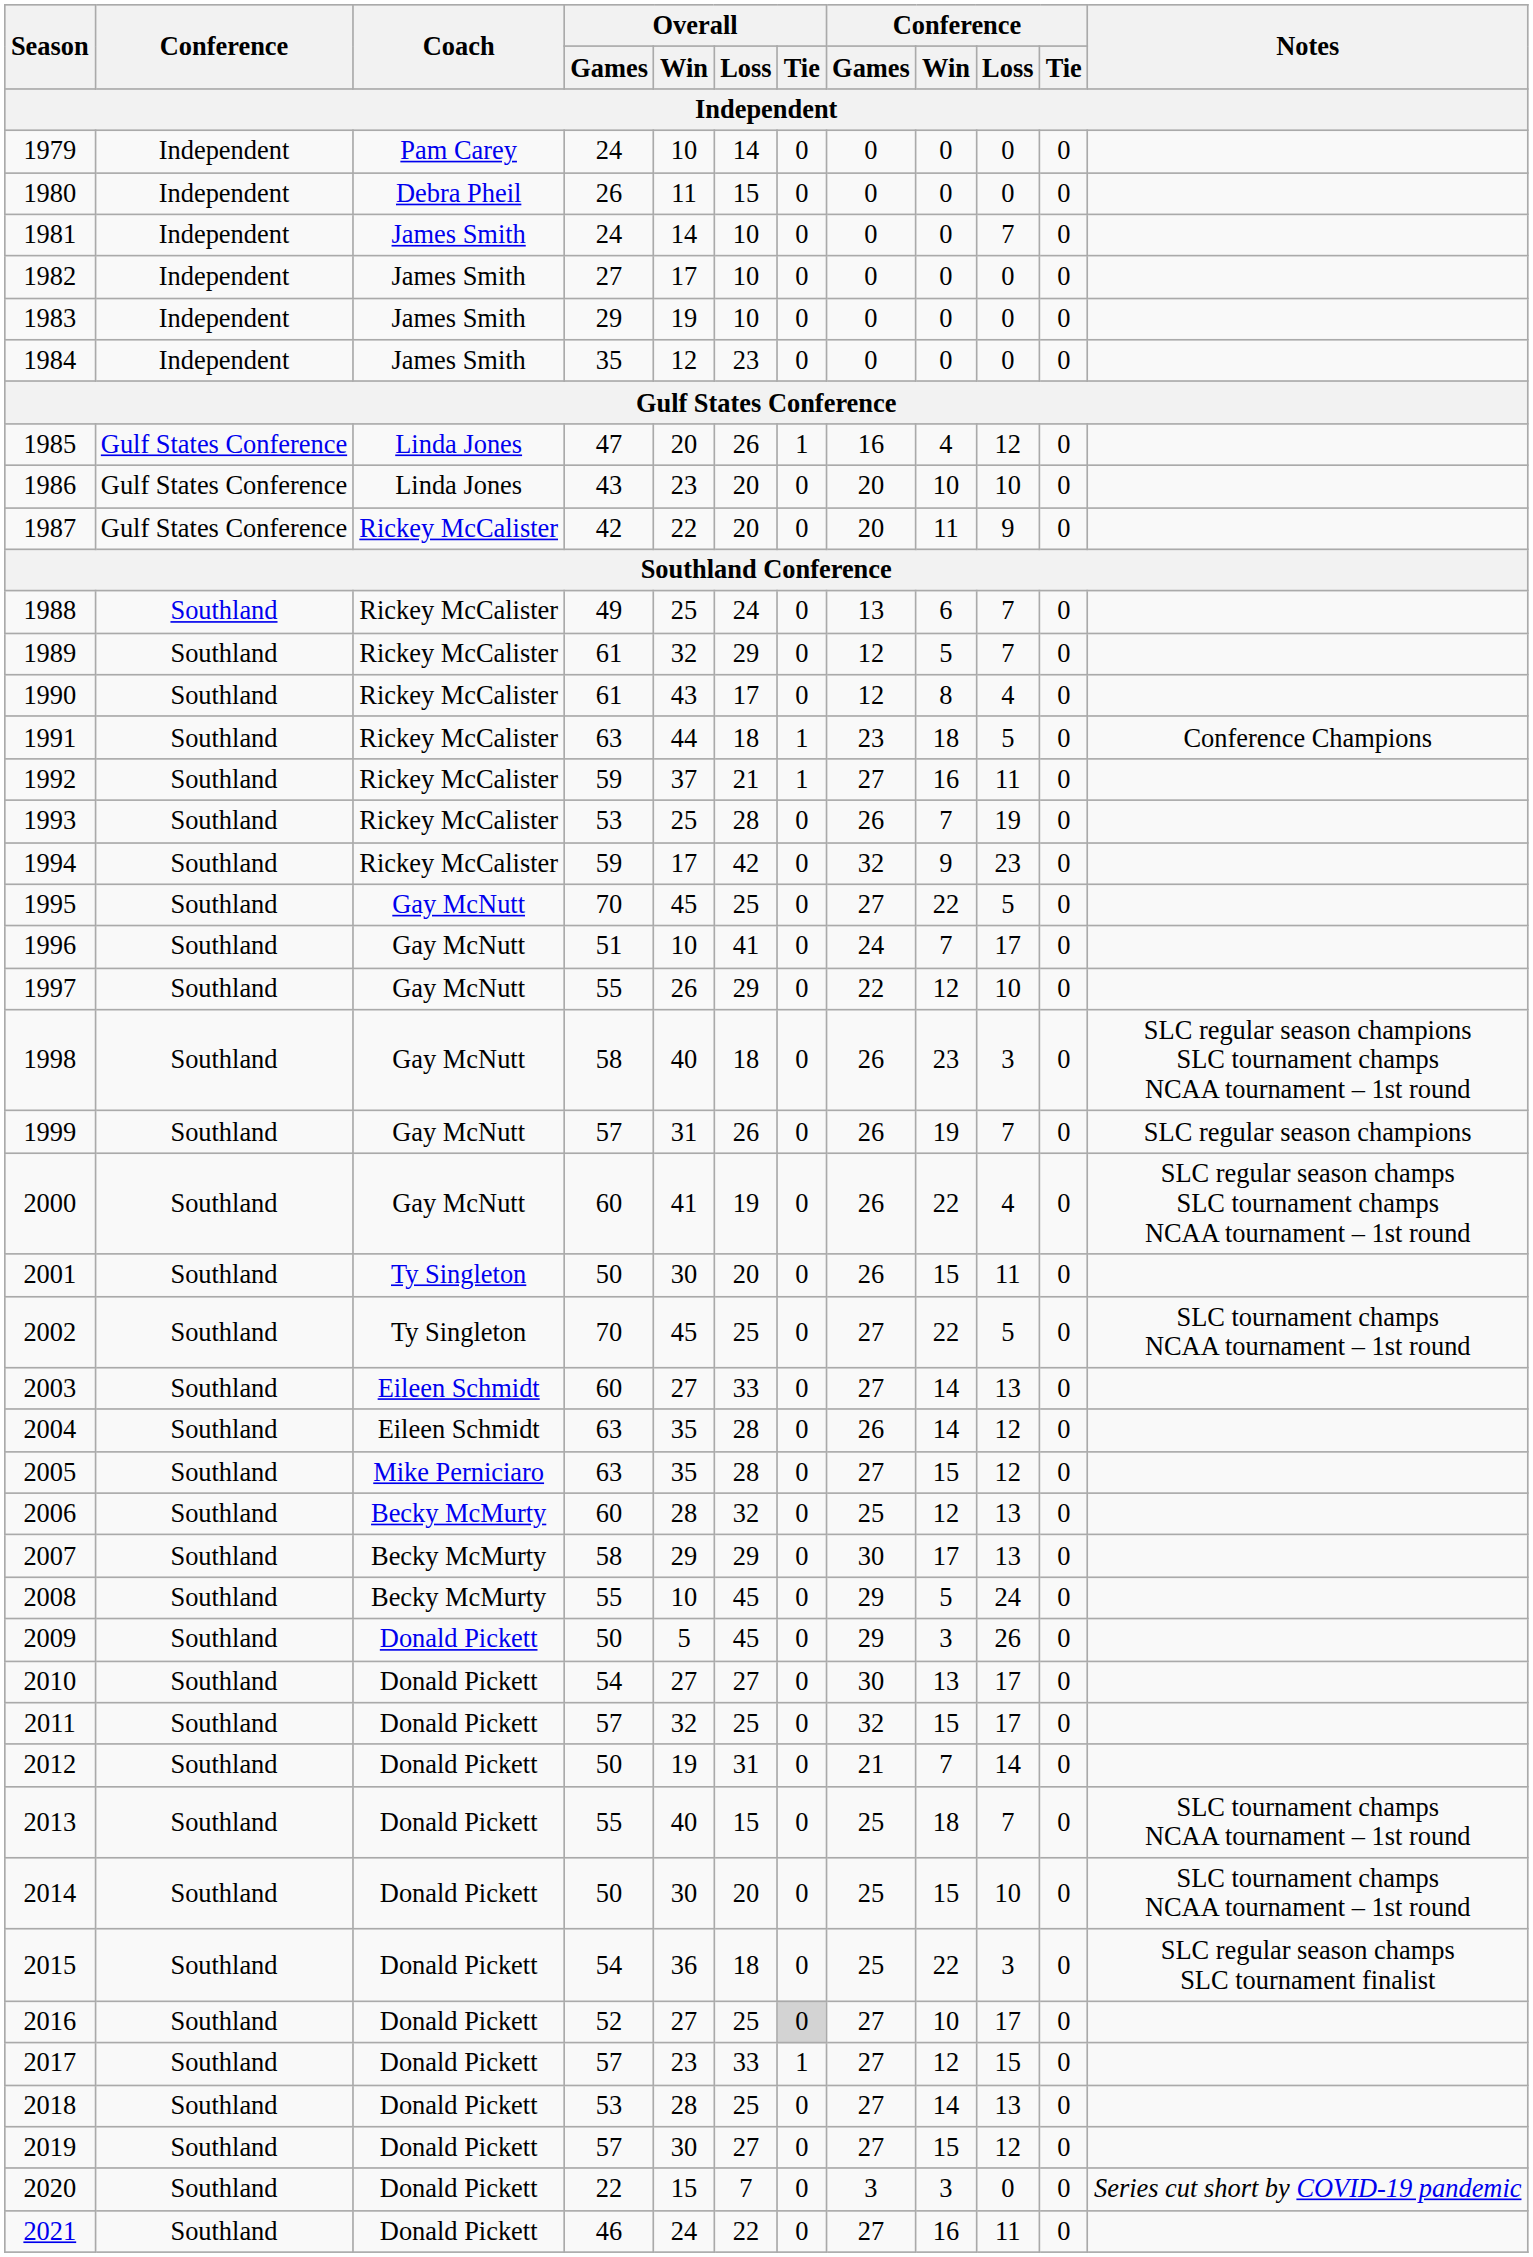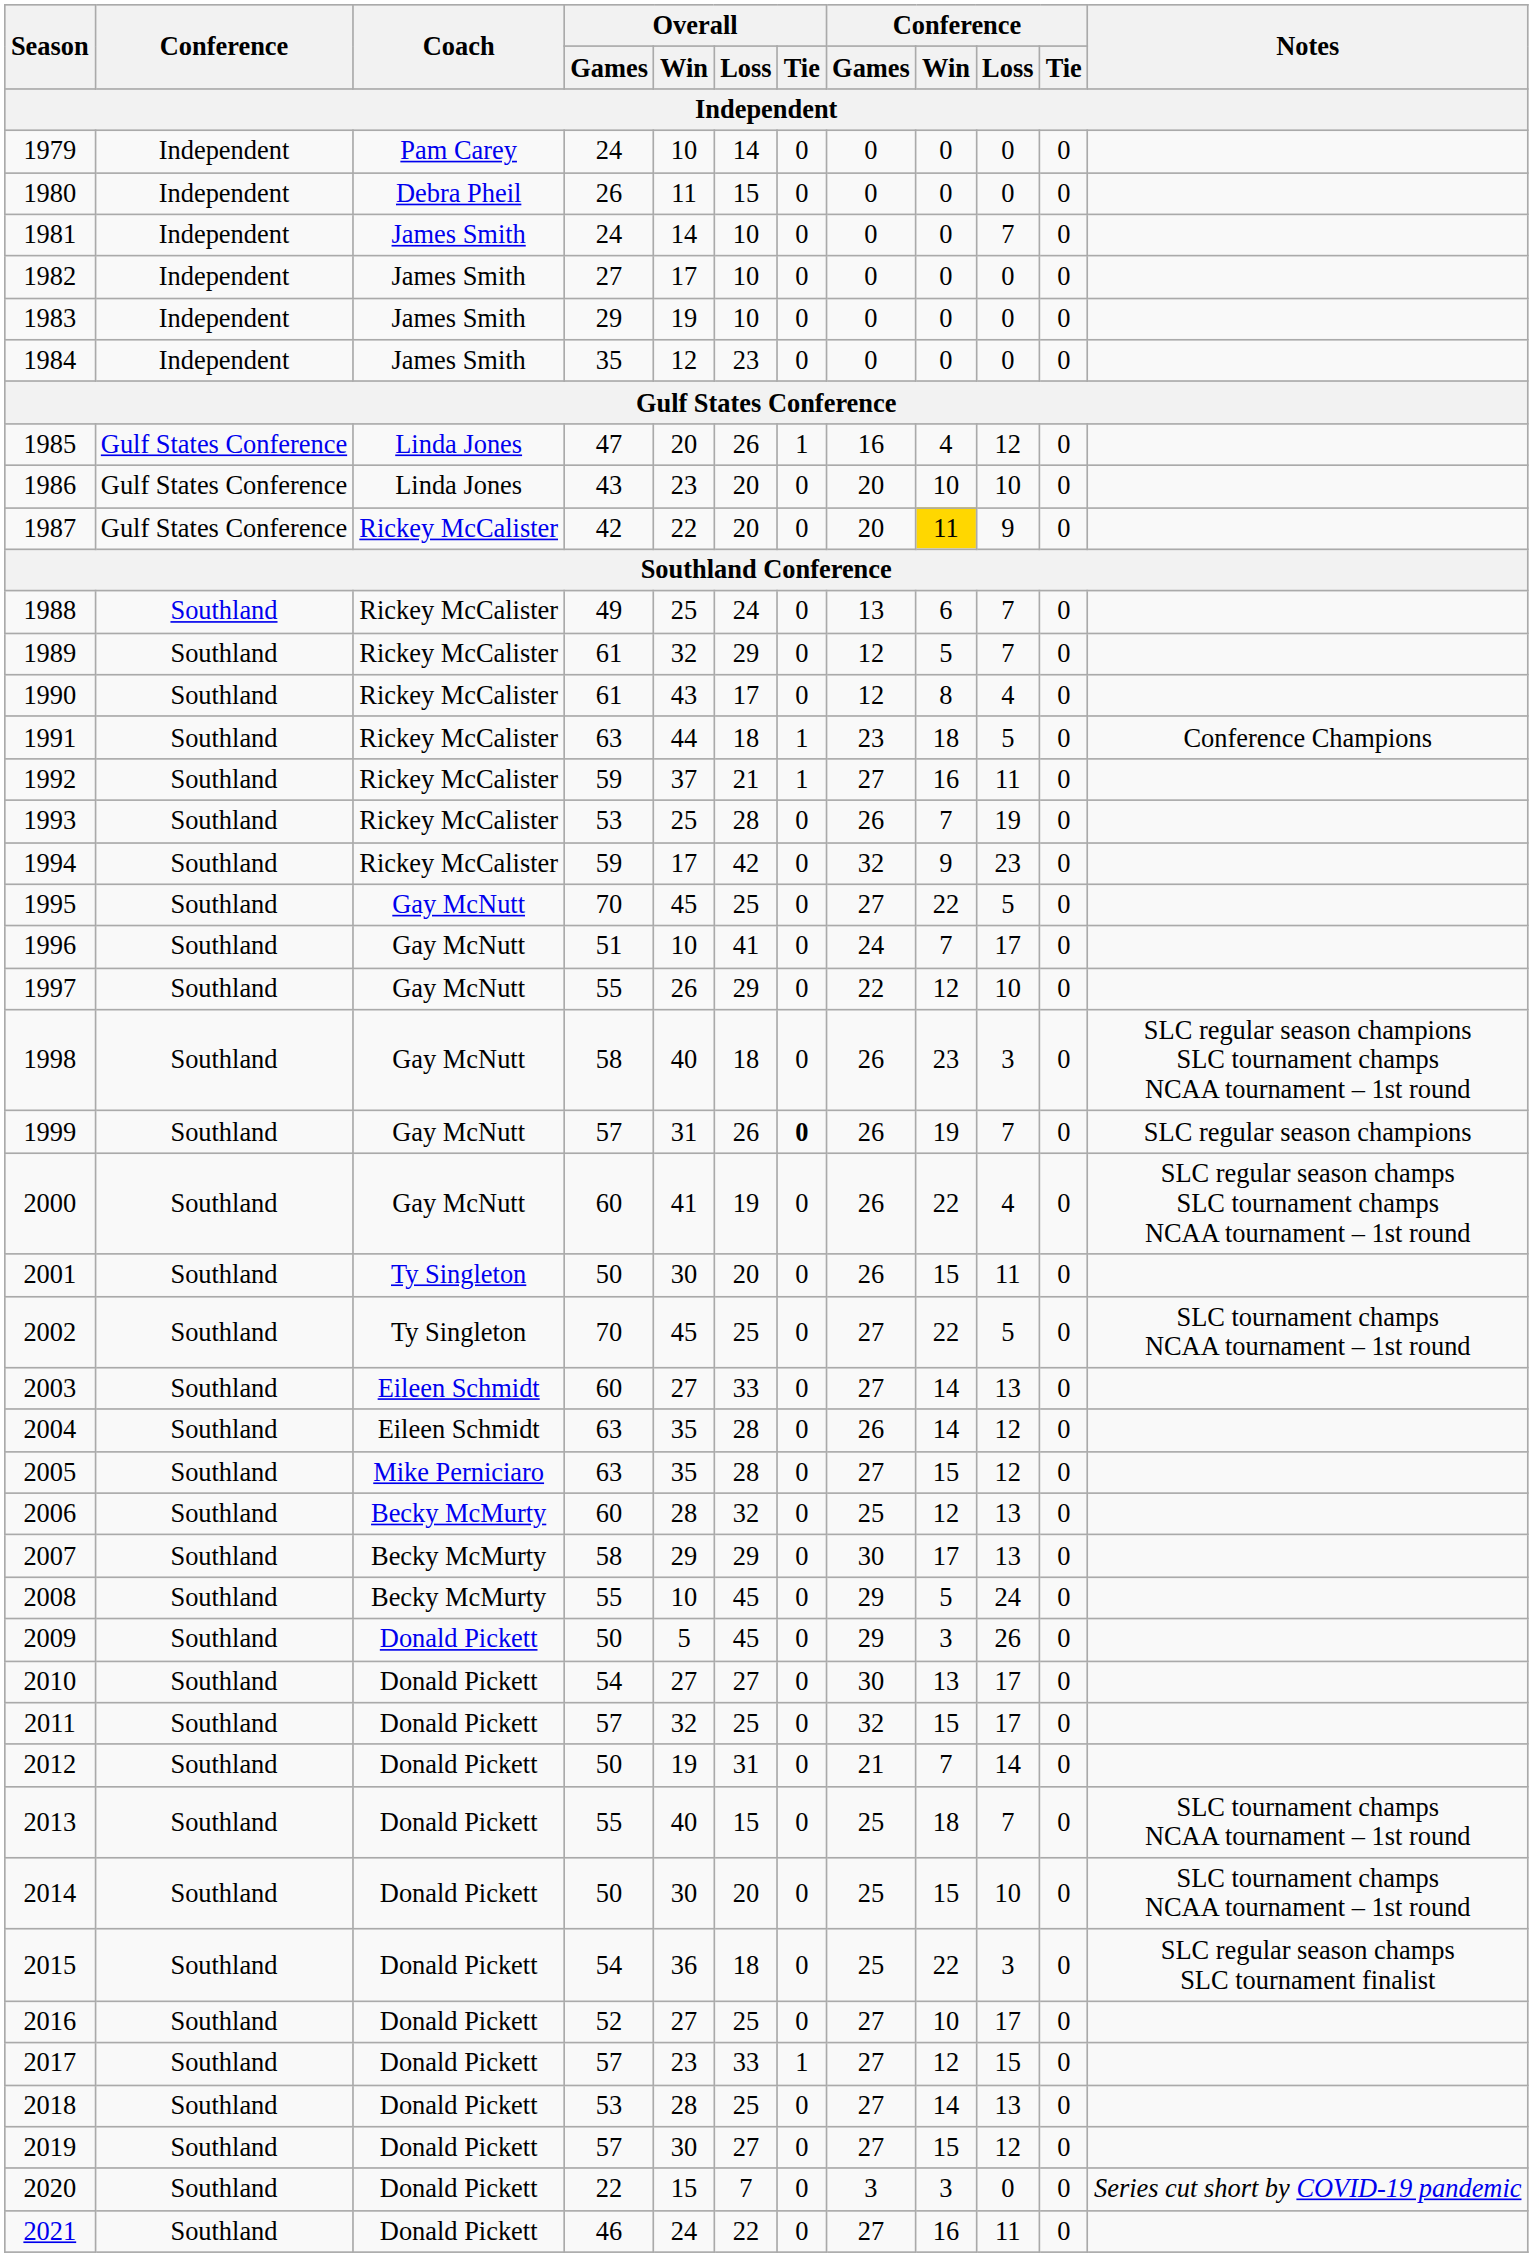 <table class="wikitable" style="text-align: center;">
 <tr>
 <th rowspan=2>Season</th>
 <th rowspan=2>Conference</th>
 <th rowspan=2>Coach</th>
 <th colspan="4">Overall</th>
 <th colspan="4">Conference</th>
 <th rowspan=2>Notes</th>
 </tr>
 <tr>
 <th>Games</th>
 <th>Win</th>
 <th>Loss</th>
 <th>Tie</th>
 <th>Games</th>
 <th>Win</th>
 <th>Loss</th>
 <th>Tie</th>
 </tr>
 <tr>
 <th colspan=12>Independent</th>
 </tr>
 <tr>
 <td>1979</td>
 <td>Independent</td>
 <td><a href='#'>Pam Carey</a></td>
 <td>24</td>
 <td>10</td>
 <td>14</td>
 <td>0</td>
 <td>0</td>
 <td>0</td>
 <td>0</td>
 <td>0</td>
 <td></td>
 </tr>
 <tr>
 <td>1980</td>
 <td>Independent</td>
 <td><a href='#'>Debra Pheil</a></td>
 <td>26</td>
 <td>11</td>
 <td>15</td>
 <td>0</td>
 <td>0</td>
 <td>0</td>
 <td>0</td>
 <td>0</td>
 <td></td>
 </tr>
 <tr>
 <td>1981</td>
 <td>Independent</td>
 <td><a href='#'>James Smith</a></td>
 <td>24</td>
 <td>14</td>
 <td>10</td>
 <td>0</td>
 <td>0</td>
 <td>0</td>
 <td>7</td>
 <td>0</td>
 <td></td>
 </tr>
 <tr>
 <td>1982</td>
 <td>Independent</td>
 <td>James Smith</td>
 <td>27</td>
 <td>17</td>
 <td>10</td>
 <td>0</td>
 <td>0</td>
 <td>0</td>
 <td>0</td>
 <td>0</td>
 <td></td>
 </tr>
 <tr>
 <td>1983</td>
 <td>Independent</td>
 <td>James Smith</td>
 <td>29</td>
 <td>19</td>
 <td>10</td>
 <td>0</td>
 <td>0</td>
 <td>0</td>
 <td>0</td>
 <td>0</td>
 <td></td>
 </tr>
 <tr>
 <td>1984</td>
 <td>Independent</td>
 <td>James Smith</td>
 <td>35</td>
 <td>12</td>
 <td>23</td>
 <td>0</td>
 <td>0</td>
 <td>0</td>
 <td>0</td>
 <td>0</td>
 <td></td>
 </tr>
 <tr>
 <th colspan=12>Gulf States Conference</th>
 </tr>
 <tr>
 <td>1985</td>
 <td><a href='#'>Gulf States Conference</a></td>
 <td><a href='#'>Linda Jones</a></td>
 <td>47</td>
 <td>20</td>
 <td>26</td>
 <td>1</td>
 <td>16</td>
 <td>4</td>
 <td>12</td>
 <td>0</td>
 <td></td>
 </tr>
 <tr>
 <td>1986</td>
 <td>Gulf States Conference</td>
 <td>Linda Jones</td>
 <td>43</td>
 <td>23</td>
 <td>20</td>
 <td>0</td>
 <td>20</td>
 <td>10</td>
 <td>10</td>
 <td>0</td>
 <td></td>
 </tr>
 <tr>
 <td>1987</td>
 <td>Gulf States Conference</td>
 <td><a href='#'>Rickey McCalister</a></td>
 <td>42</td>
 <td>22</td>
 <td>20</td>
 <td>0</td>
 <td>20</td>
-<td>11</td>
+<td style="background: gold;">11</td>
 <td>9</td>
 <td>0</td>
 <td></td>
 </tr>
 <tr>
 <th colspan=12>Southland Conference</th>
 </tr>
 <tr>
 <td>1988</td>
 <td><a href='#'>Southland</a></td>
 <td>Rickey McCalister</td>
 <td>49</td>
 <td>25</td>
 <td>24</td>
 <td>0</td>
 <td>13</td>
 <td>6</td>
 <td>7</td>
 <td>0</td>
 <td></td>
 </tr>
 <tr>
 <td>1989</td>
 <td>Southland</td>
 <td>Rickey McCalister</td>
 <td>61</td>
 <td>32</td>
 <td>29</td>
 <td>0</td>
 <td>12</td>
 <td>5</td>
 <td>7</td>
 <td>0</td>
 <td></td>
 </tr>
 <tr>
 <td>1990</td>
 <td>Southland</td>
 <td>Rickey McCalister</td>
 <td>61</td>
 <td>43</td>
 <td>17</td>
 <td>0</td>
 <td>12</td>
 <td>8</td>
 <td>4</td>
 <td>0</td>
 <td></td>
 </tr>
 <tr>
 <td>1991</td>
 <td>Southland</td>
 <td>Rickey McCalister</td>
 <td>63</td>
 <td>44</td>
 <td>18</td>
 <td>1</td>
 <td>23</td>
 <td>18</td>
 <td>5</td>
 <td>0</td>
 <td>Conference Champions</td>
 </tr>
 <tr>
 <td>1992</td>
 <td>Southland</td>
 <td>Rickey McCalister</td>
 <td>59</td>
 <td>37</td>
 <td>21</td>
 <td>1</td>
 <td>27</td>
 <td>16</td>
 <td>11</td>
 <td>0</td>
 <td></td>
 </tr>
 <tr>
 <td>1993</td>
 <td>Southland</td>
 <td>Rickey McCalister</td>
 <td>53</td>
 <td>25</td>
 <td>28</td>
 <td>0</td>
 <td>26</td>
 <td>7</td>
 <td>19</td>
 <td>0</td>
 <td></td>
 </tr>
 <tr>
 <td>1994</td>
 <td>Southland</td>
 <td>Rickey McCalister</td>
 <td>59</td>
 <td>17</td>
 <td>42</td>
 <td>0</td>
 <td>32</td>
 <td>9</td>
 <td>23</td>
 <td>0</td>
 <td></td>
 </tr>
 <tr>
 <td>1995</td>
 <td>Southland</td>
 <td><a href='#'>Gay McNutt</a></td>
 <td>70</td>
 <td>45</td>
 <td>25</td>
 <td>0</td>
 <td>27</td>
 <td>22</td>
 <td>5</td>
 <td>0</td>
 <td></td>
 </tr>
 <tr>
 <td>1996</td>
 <td>Southland</td>
 <td>Gay McNutt</td>
 <td>51</td>
 <td>10</td>
 <td>41</td>
 <td>0</td>
 <td>24</td>
 <td>7</td>
 <td>17</td>
 <td>0</td>
 <td></td>
 </tr>
 <tr>
 <td>1997</td>
 <td>Southland</td>
 <td>Gay McNutt</td>
 <td>55</td>
 <td>26</td>
 <td>29</td>
 <td>0</td>
 <td>22</td>
 <td>12</td>
 <td>10</td>
 <td>0</td>
 <td></td>
 </tr>
 <tr>
 <td>1998</td>
 <td>Southland</td>
 <td>Gay McNutt</td>
 <td>58</td>
 <td>40</td>
 <td>18</td>
 <td>0</td>
 <td>26</td>
 <td>23</td>
 <td>3</td>
 <td>0</td>
 <td>SLC regular season champions<br>SLC tournament champs<br>NCAA tournament – 1st round</td>
 </tr>
 <tr>
 <td>1999</td>
 <td>Southland</td>
 <td>Gay McNutt</td>
 <td>57</td>
 <td>31</td>
 <td>26</td>
-<td>0</td>
+<td><strong>0</strong></td>
 <td>26</td>
 <td>19</td>
 <td>7</td>
 <td>0</td>
 <td>SLC regular season champions</td>
 </tr>
 <tr>
 <td>2000</td>
 <td>Southland</td>
 <td>Gay McNutt</td>
 <td>60</td>
 <td>41</td>
 <td>19</td>
 <td>0</td>
 <td>26</td>
 <td>22</td>
 <td>4</td>
 <td>0</td>
 <td>SLC regular season champs<br>SLC tournament champs<br>NCAA tournament – 1st round</td>
 </tr>
 <tr>
 <td>2001</td>
 <td>Southland</td>
 <td><a href='#'>Ty Singleton</a></td>
 <td>50</td>
 <td>30</td>
 <td>20</td>
 <td>0</td>
 <td>26</td>
 <td>15</td>
 <td>11</td>
 <td>0</td>
 <td></td>
 </tr>
 <tr>
 <td>2002</td>
 <td>Southland</td>
 <td>Ty Singleton</td>
 <td>70</td>
 <td>45</td>
 <td>25</td>
 <td>0</td>
 <td>27</td>
 <td>22</td>
 <td>5</td>
 <td>0</td>
 <td>SLC tournament champs<br>NCAA tournament – 1st round</td>
 </tr>
 <tr>
 <td>2003</td>
 <td>Southland</td>
 <td><a href='#'>Eileen Schmidt</a></td>
 <td>60</td>
 <td>27</td>
 <td>33</td>
 <td>0</td>
 <td>27</td>
 <td>14</td>
 <td>13</td>
 <td>0</td>
 <td></td>
 </tr>
 <tr>
 <td>2004</td>
 <td>Southland</td>
 <td>Eileen Schmidt</td>
 <td>63</td>
 <td>35</td>
 <td>28</td>
 <td>0</td>
 <td>26</td>
 <td>14</td>
 <td>12</td>
 <td>0</td>
 <td></td>
 </tr>
 <tr>
 <td>2005</td>
 <td>Southland</td>
 <td><a href='#'>Mike Perniciaro</a></td>
 <td>63</td>
 <td>35</td>
 <td>28</td>
 <td>0</td>
 <td>27</td>
 <td>15</td>
 <td>12</td>
 <td>0</td>
 <td></td>
 </tr>
 <tr>
 <td>2006</td>
 <td>Southland</td>
 <td><a href='#'>Becky McMurty</a></td>
 <td>60</td>
 <td>28</td>
 <td>32</td>
 <td>0</td>
 <td>25</td>
 <td>12</td>
 <td>13</td>
 <td>0</td>
 <td></td>
 </tr>
 <tr>
 <td>2007</td>
 <td>Southland</td>
 <td>Becky McMurty</td>
 <td>58</td>
 <td>29</td>
 <td>29</td>
 <td>0</td>
 <td>30</td>
 <td>17</td>
 <td>13</td>
 <td>0</td>
 <td></td>
 </tr>
 <tr>
 <td>2008</td>
 <td>Southland</td>
 <td>Becky McMurty</td>
 <td>55</td>
 <td>10</td>
 <td>45</td>
 <td>0</td>
 <td>29</td>
 <td>5</td>
 <td>24</td>
 <td>0</td>
 <td></td>
 </tr>
 <tr>
 <td>2009</td>
 <td>Southland</td>
 <td><a href='#'>Donald Pickett</a></td>
 <td>50</td>
 <td>5</td>
 <td>45</td>
 <td>0</td>
 <td>29</td>
 <td>3</td>
 <td>26</td>
 <td>0</td>
 <td></td>
 </tr>
 <tr>
 <td>2010</td>
 <td>Southland</td>
 <td>Donald Pickett</td>
 <td>54</td>
 <td>27</td>
 <td>27</td>
 <td>0</td>
 <td>30</td>
 <td>13</td>
 <td>17</td>
 <td>0</td>
 <td></td>
 </tr>
 <tr>
 <td>2011</td>
 <td>Southland</td>
 <td>Donald Pickett</td>
 <td>57</td>
 <td>32</td>
 <td>25</td>
 <td>0</td>
 <td>32</td>
 <td>15</td>
 <td>17</td>
 <td>0</td>
 <td></td>
 </tr>
 <tr>
 <td>2012</td>
 <td>Southland</td>
 <td>Donald Pickett</td>
 <td>50</td>
 <td>19</td>
 <td>31</td>
 <td>0</td>
 <td>21</td>
 <td>7</td>
 <td>14</td>
 <td>0</td>
 <td></td>
 </tr>
 <tr>
 <td>2013</td>
 <td>Southland</td>
 <td>Donald Pickett</td>
 <td>55</td>
 <td>40</td>
 <td>15</td>
 <td>0</td>
 <td>25</td>
 <td>18</td>
 <td>7</td>
 <td>0</td>
 <td>SLC tournament champs<br>NCAA tournament – 1st round</td>
 </tr>
 <tr>
 <td>2014</td>
 <td>Southland</td>
 <td>Donald Pickett</td>
 <td>50</td>
 <td>30</td>
 <td>20</td>
 <td>0</td>
 <td>25</td>
 <td>15</td>
 <td>10</td>
 <td>0</td>
 <td>SLC tournament champs<br>NCAA tournament – 1st round</td>
 </tr>
 <tr>
 <td>2015</td>
 <td>Southland</td>
 <td>Donald Pickett</td>
 <td>54</td>
 <td>36</td>
 <td>18</td>
 <td>0</td>
 <td>25</td>
 <td>22</td>
 <td>3</td>
 <td>0</td>
 <td>SLC regular season champs<br>SLC tournament finalist</td>
 </tr>
 <tr>
 <td>2016</td>
 <td>Southland</td>
 <td>Donald Pickett</td>
 <td>52</td>
 <td>27</td>
 <td>25</td>
-<td style="background: lightgrey;">0</td>
+<td>0</td>
 <td>27</td>
 <td>10</td>
 <td>17</td>
 <td>0</td>
 <td></td>
 </tr>
 <tr>
 <td>2017</td>
 <td>Southland</td>
 <td>Donald Pickett</td>
 <td>57</td>
 <td>23</td>
 <td>33</td>
 <td>1</td>
 <td>27</td>
 <td>12</td>
 <td>15</td>
 <td>0</td>
 <td></td>
 </tr>
 <tr>
 <td>2018</td>
 <td>Southland</td>
 <td>Donald Pickett</td>
 <td>53</td>
 <td>28</td>
 <td>25</td>
 <td>0</td>
 <td>27</td>
 <td>14</td>
 <td>13</td>
 <td>0</td>
 <td></td>
 </tr>
 <tr>
 <td>2019</td>
 <td>Southland</td>
 <td>Donald Pickett</td>
 <td>57</td>
 <td>30</td>
 <td>27</td>
 <td>0</td>
 <td>27</td>
 <td>15</td>
 <td>12</td>
 <td>0</td>
 <td></td>
 </tr>
 <tr>
 <td>2020</td>
 <td>Southland</td>
 <td>Donald Pickett</td>
 <td>22</td>
 <td>15</td>
 <td>7</td>
 <td>0</td>
 <td>3</td>
 <td>3</td>
 <td>0</td>
 <td>0</td>
 <td><em>Series cut short by <a href='#'>COVID-19 pandemic</a></em></td>
 </tr>
 <tr>
 <td><a href='#'>2021</a></td>
 <td>Southland</td>
 <td>Donald Pickett</td>
 <td>46</td>
 <td>24</td>
 <td>22</td>
 <td>0</td>
 <td>27</td>
 <td>16</td>
 <td>11</td>
 <td>0</td>
 <td></td>
 </tr>
 </table>
